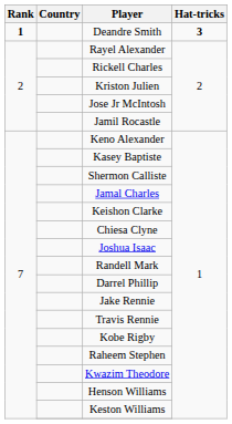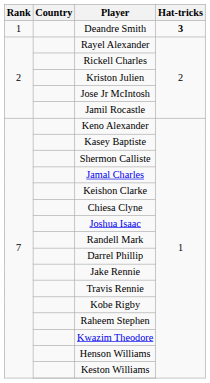 <table class="wikitable" style="text-align:center;">
 <tr>
 <th>Rank</th>
 <th>Country</th>
 <th>Player</th>
 <th>Hat-tricks</th>
 </tr>
 <tr>
-<td><strong>1</strong></td>
+<td>1</td>
 <td></td>
 <td>Deandre Smith</td>
 <td><strong>3</strong></td>
 </tr>
 <tr>
 <td rowspan=5>2</td>
 <td></td>
 <td>Rayel Alexander</td>
 <td rowspan=5>2</td>
 </tr>
 <tr>
 <td></td>
 <td>Rickell Charles</td>
 </tr>
 <tr>
 <td></td>
 <td>Kriston Julien</td>
 </tr>
 <tr>
 <td></td>
 <td>Jose Jr McIntosh</td>
 </tr>
 <tr>
 <td></td>
 <td>Jamil Rocastle</td>
 </tr>
 <tr>
 <td rowspan=30>7</td>
 <td></td>
 <td>Keno Alexander</td>
 <td rowspan=30>1</td>
 </tr>
 <tr>
 <td></td>
 <td>Kasey Baptiste</td>
 </tr>
 <tr>
 <td></td>
 <td>Shermon Calliste</td>
 </tr>
 <tr>
 <td></td>
 <td><a href='#'>Jamal Charles</a></td>
 </tr>
 <tr>
 <td></td>
 <td>Keishon Clarke</td>
 </tr>
 <tr>
 <td></td>
 <td>Chiesa Clyne</td>
 </tr>
 <tr>
 <td></td>
 <td><a href='#'>Joshua Isaac</a></td>
 </tr>
 <tr>
 <td></td>
 <td>Randell Mark</td>
 </tr>
 <tr>
 <td></td>
 <td>Darrel Phillip</td>
 </tr>
 <tr>
 <td></td>
 <td>Jake Rennie</td>
 </tr>
 <tr>
 <td></td>
 <td>Travis Rennie</td>
 </tr>
 <tr>
 <td></td>
 <td>Kobe Rigby</td>
 </tr>
 <tr>
 <td></td>
 <td>Raheem Stephen</td>
 </tr>
 <tr>
 <td></td>
 <td><a href='#'>Kwazim Theodore</a></td>
 </tr>
 <tr>
 <td></td>
 <td>Henson Williams</td>
 </tr>
 <tr>
 <td></td>
 <td>Keston Williams</td>
 </tr>
 <tr>
 </tr>
 </table>
